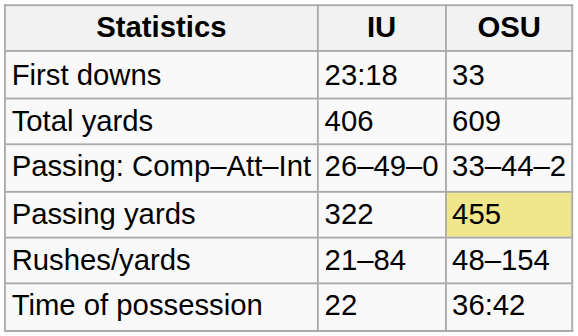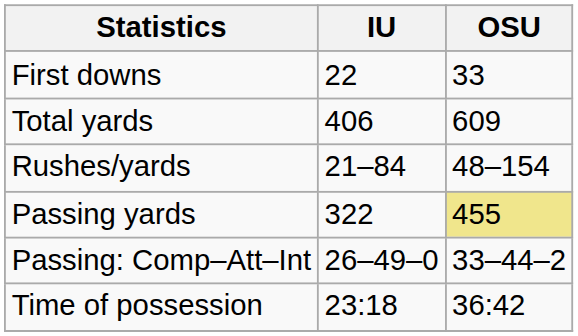 <table class="wikitable" style="float: left;">
 <tr>
 <th>Statistics</th>
 <th>IU</th>
 <th>OSU</th>
 </tr>
 <tr>
 <td>First downs</td>
-<td>23:18</td>
+<td>22</td>
 <td>33</td>
 </tr>
 <tr>
 <td>Total yards</td>
 <td>406</td>
 <td>609</td>
 </tr>
 <tr>
-<td>Passing: Comp–Att–Int</td>
-<td>26–49–0</td>
-<td>33–44–2</td>
+<td>Rushes/yards</td>
+<td>21–84</td>
+<td>48–154</td>
 </tr>
 <tr>
 <td>Passing yards</td>
 <td>322</td>
 <td style="background: khaki;">455</td>
 </tr>
 <tr>
-<td>Rushes/yards</td>
-<td>21–84</td>
-<td>48–154</td>
+<td>Passing: Comp–Att–Int</td>
+<td>26–49–0</td>
+<td>33–44–2</td>
 </tr>
 <tr>
 <td>Time of possession</td>
-<td>22</td>
+<td>23:18</td>
 <td>36:42</td>
 </tr>
 <tr>
 </tr>
 </table>
